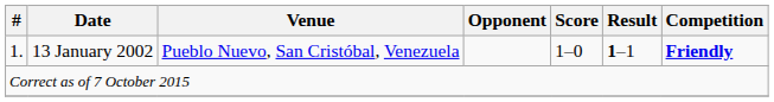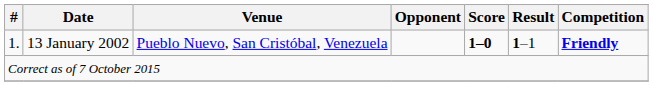 <table class="wikitable" style="font-size:95%;">
 <tr>
 <th>#</th>
 <th>Date</th>
 <th>Venue</th>
 <th>Opponent</th>
 <th>Score</th>
 <th>Result</th>
 <th>Competition</th>
 </tr>
 <tr>
 <td>1.</td>
 <td>13 January 2002</td>
 <td><a href='#'>Pueblo Nuevo</a>, <a href='#'>San Cristóbal</a>, <a href='#'>Venezuela</a></td>
 <td align=left></td>
-<td>1–0</td>
+<td><strong>1–0</strong></td>
 <td><strong>1</strong>–1</td>
 <td><strong><a href='#'>Friendly</a></strong></td>
 </tr>
 <tr>
 <td colspan="15"><small><em>Correct as of 7 October 2015</em></small></td>
 </tr>
 <tr>
 </tr>
 </table>
